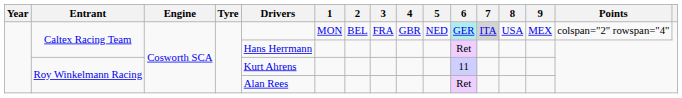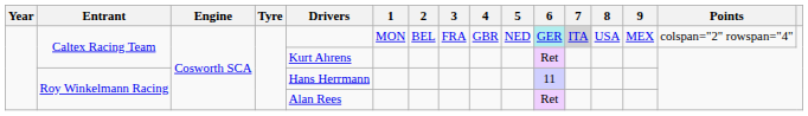 <table class="wikitable" style="text-align:center; font-size:85%">
 <tr>
 <th>Year</th>
 <th>Entrant</th>
 <th>Engine</th>
 <th>Tyre</th>
 <th>Drivers</th>
 <th>1</th>
 <th>2</th>
 <th>3</th>
 <th>4</th>
 <th>5</th>
 <th>6</th>
 <th>7</th>
 <th>8</th>
 <th>9</th>
 <th>Points</th>
 <th></th>
 </tr>
 <tr>
 <td rowspan="4"></td>
 <td rowspan="2"><a href='#'>Caltex Racing Team</a></td>
 <td rowspan="4"><a href='#'>Cosworth SCA</a></td>
 <td rowspan="4"></td>
 <td></td>
 <td><a href='#'>MON</a></td>
 <td><a href='#'>BEL</a></td>
 <td><a href='#'>FRA</a></td>
 <td><a href='#'>GBR</a></td>
 <td><a href='#'>NED</a></td>
 <td style="background: paleturquoise;"><a href='#'>GER</a></td>
 <td style="background: lightgrey;"><a href='#'>ITA</a></td>
 <td><a href='#'>USA</a></td>
 <td><a href='#'>MEX</a></td>
 <td>colspan="2" rowspan="4" </td>
 </tr>
 <tr>
-<td align="left"> <a href='#'>Hans Herrmann</a></td>
+<td align="left"> <a href='#'>Kurt Ahrens</a></td>
 <td></td>
 <td></td>
 <td></td>
 <td></td>
 <td></td>
 <td style="background:#EFCFFF;">Ret</td>
 <td></td>
 <td></td>
 <td></td>
 </tr>
 <tr>
 <td rowspan="2"><a href='#'>Roy Winkelmann Racing</a></td>
-<td align="left"> <a href='#'>Kurt Ahrens</a></td>
+<td align="left"> <a href='#'>Hans Herrmann</a></td>
 <td></td>
 <td></td>
 <td></td>
 <td></td>
 <td></td>
 <td style="background:#CFCFFF">11</td>
 <td></td>
 <td></td>
 <td></td>
 </tr>
 <tr>
 <td align="left"> <a href='#'>Alan Rees</a></td>
 <td></td>
 <td></td>
 <td></td>
 <td></td>
 <td></td>
 <td style="background:#EFCFFF;">Ret</td>
 <td></td>
 <td></td>
 <td></td>
 </tr>
 </table>
